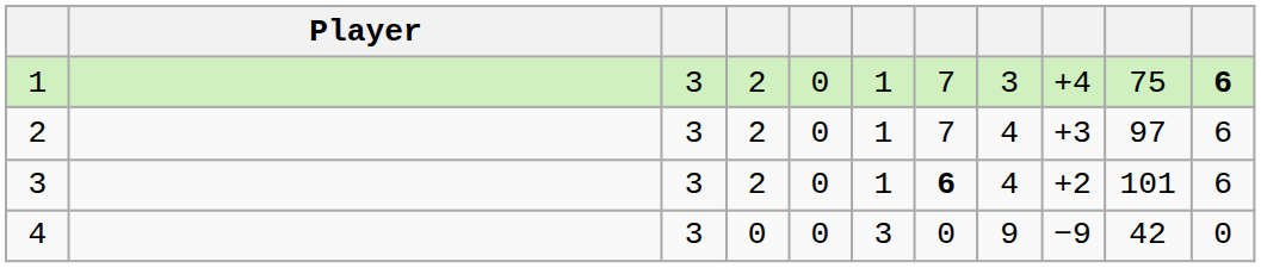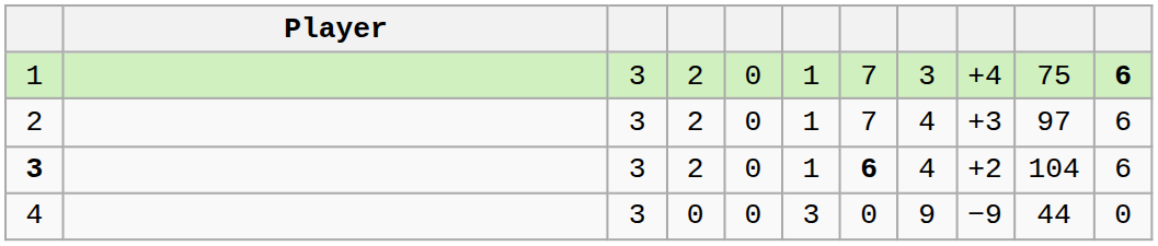 <table class="wikitable" style="text-align:center; margin: 1em auto 1em auto, align:left">
 <tr>
 <th width=20></th>
 <th width=240>Player</th>
 <th width=20></th>
 <th width=20></th>
 <th width=20></th>
 <th width=20></th>
 <th width=20></th>
 <th width=20></th>
 <th width=20></th>
 <th width=30></th>
 <th width=20></th>
 </tr>
 <tr style="background:#D0F0C0;">
 <td>1</td>
 <td align=left></td>
 <td>3</td>
 <td>2</td>
 <td>0</td>
 <td>1</td>
 <td>7</td>
 <td>3</td>
 <td>+4</td>
 <td>75</td>
 <td><strong>6</strong></td>
 </tr>
 <tr style=>
 <td>2</td>
 <td align=left></td>
 <td>3</td>
 <td>2</td>
 <td>0</td>
 <td>1</td>
 <td>7</td>
 <td>4</td>
 <td>+3</td>
 <td>97</td>
 <td>6</td>
 </tr>
 <tr style=>
-<td>3</td>
+<td><strong>3</strong></td>
 <td align=left></td>
 <td>3</td>
 <td>2</td>
 <td>0</td>
 <td>1</td>
 <td><strong>6</strong></td>
 <td>4</td>
 <td>+2</td>
-<td>101</td>
+<td>104</td>
 <td>6</td>
 </tr>
 <tr style=>
 <td>4</td>
 <td align=left></td>
 <td>3</td>
 <td>0</td>
 <td>0</td>
 <td>3</td>
 <td>0</td>
 <td>9</td>
 <td>−9</td>
-<td>42</td>
+<td>44</td>
 <td>0</td>
 </tr>
 </table>
